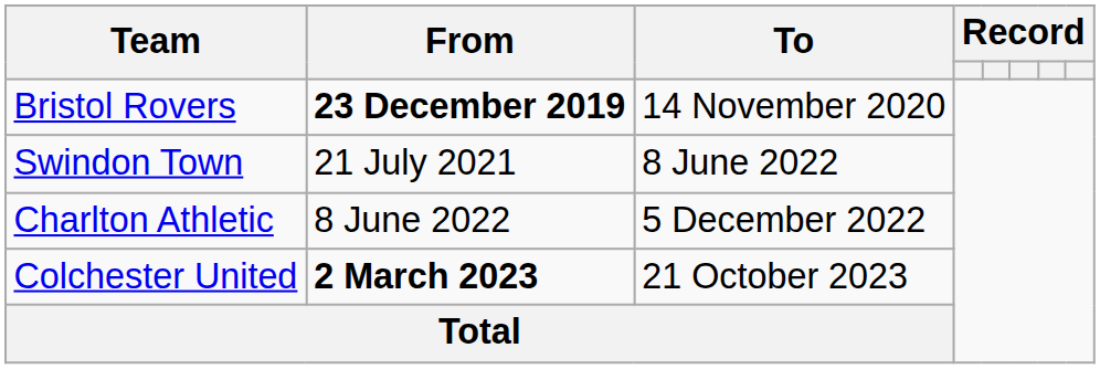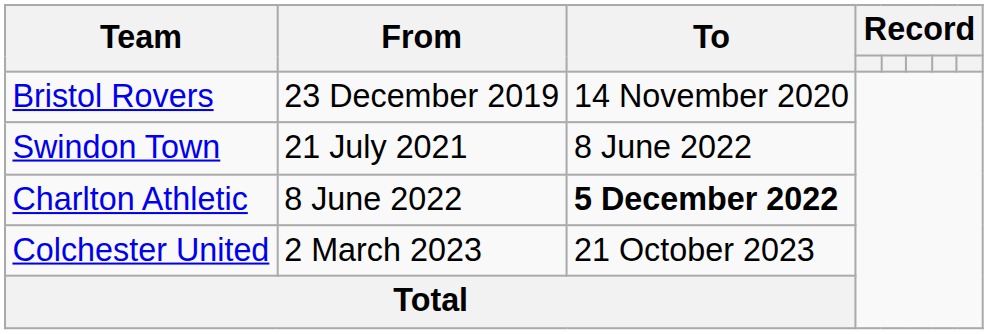 <table class=wikitable style=text-align:center>
 <tr>
 <th rowspan=2>Team</th>
 <th rowspan=2>From</th>
 <th rowspan=2>To</th>
 <th colspan=5>Record</th>
 </tr>
 <tr>
 <th></th>
 <th></th>
 <th></th>
 <th></th>
 <th></th>
 </tr>
 <tr>
 <td align=left><a href='#'>Bristol Rovers</a></td>
-<td align=left><strong>23 December 2019</strong></td>
+<td align=left>23 December 2019</td>
 <td align=left>14 November 2020<br></td>
 </tr>
 <tr>
 <td align=left><a href='#'>Swindon Town</a></td>
 <td align=left>21 July 2021</td>
 <td align=left>8 June 2022<br></td>
 </tr>
 <tr>
 <td align=left><a href='#'>Charlton Athletic</a></td>
 <td align=left>8 June 2022</td>
-<td align=left>5 December 2022<br></td>
+<td align=left><strong>5 December 2022<br></strong></td>
 </tr>
 <tr>
 <td align=left><a href='#'>Colchester United</a></td>
-<td align=left><strong>2 March 2023</strong></td>
+<td align=left>2 March 2023</td>
 <td align=left>21 October 2023<br></td>
 </tr>
 <tr>
 <th colspan=3>Total<br></th>
 </tr>
 </table>
